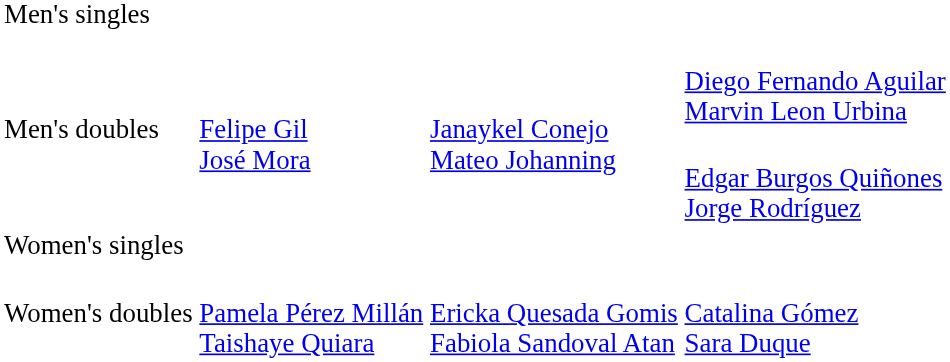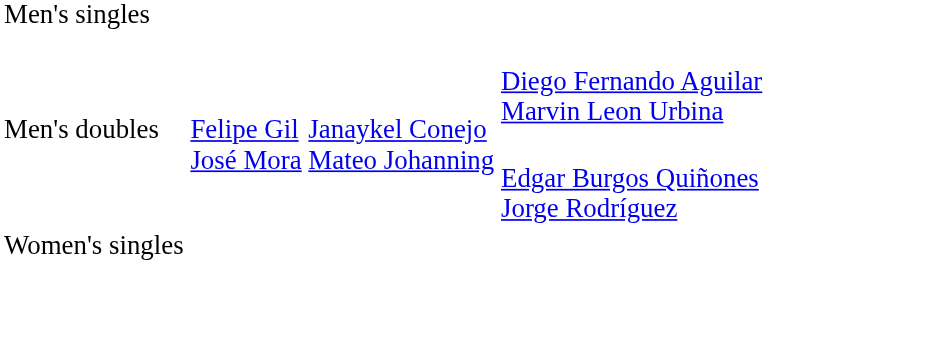 <table>
 <tr>
 <td rowspan=2>Men's singles</td>
 <td rowspan=2></td>
 <td rowspan=2></td>
 <td></td>
 </tr>
 <tr>
 <td></td>
 </tr>
 <tr>
 <td rowspan=2>Men's doubles</td>
 <td rowspan=2><br><a href='#'>Felipe Gil</a><br><a href='#'>José Mora</a></td>
 <td rowspan=2><br><a href='#'>Janaykel Conejo</a><br><a href='#'>Mateo Johanning</a></td>
 <td><br><a href='#'>Diego Fernando Aguilar</a><br><a href='#'>Marvin Leon Urbina</a></td>
 </tr>
 <tr>
 <td><br><a href='#'>Edgar Burgos Quiñones</a><br><a href='#'>Jorge Rodríguez</a></td>
 </tr>
 <tr>
 <td rowspan=2>Women's singles</td>
 <td rowspan=2></td>
 <td rowspan=2></td>
 <td></td>
 </tr>
 <tr>
 <td></td>
 </tr>
-<tr>
-<td>Women's doubles</td>
-<td><br><a href='#'>Pamela Pérez Millán</a><br><a href='#'>Taishaye Quiara</a></td>
-<td><br><a href='#'>Ericka Quesada Gomis</a><br><a href='#'>Fabiola Sandoval Atan</a></td>
-<td><br><a href='#'>Catalina Gómez</a><br><a href='#'>Sara Duque</a></td>
-</tr>
 </table>
